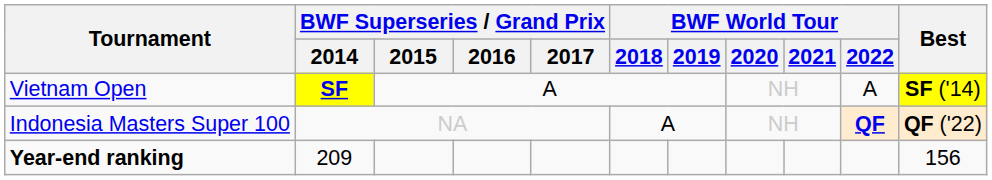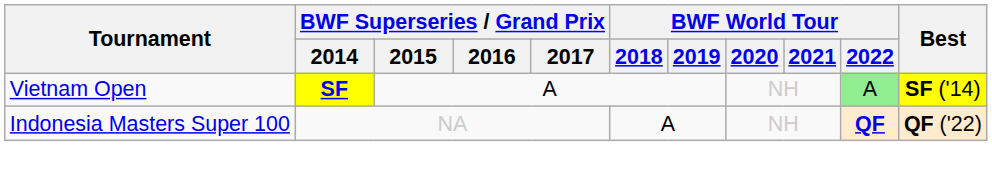 <table class="wikitable" style="font-size: 90%; text-align:center">
 <tr>
 <th rowspan="2">Tournament</th>
 <th colspan="4"><strong><a href='#'>BWF Superseries</a> / <a href='#'>Grand Prix</a></strong></th>
 <th colspan="5"><strong><a href='#'>BWF World Tour</a></strong></th>
 <th rowspan="2">Best</th>
 </tr>
 <tr>
 <th>2014</th>
 <th>2015</th>
 <th>2016</th>
 <th>2017</th>
 <th><a href='#'>2018</a></th>
 <th><a href='#'>2019</a></th>
 <th><a href='#'>2020</a></th>
 <th><a href='#'>2021</a></th>
 <th><a href='#'>2022</a></th>
 </tr>
 <tr>
 <td align=left><a href='#'>Vietnam Open</a></td>
 <td bgcolor=FFFF00><strong><a href='#'>SF</a></strong></td>
 <td colspan="5">A</td>
 <td colspan="2" style=color:#ccc>NH</td>
-<td>A</td>
+<td style="background: lightgreen;">A</td>
 <td bgcolor=FFFF00><strong>SF</strong> ('14)</td>
 </tr>
 <tr>
 <td align=left><a href='#'>Indonesia Masters Super 100</a></td>
 <td colspan="4" style=color:#ccc>NA</td>
 <td colspan="2">A</td>
 <td colspan="2" style=color:#ccc>NH</td>
 <td bgcolor=FFEBCD><strong><a href='#'>QF</a></strong></td>
 <td bgcolor=FFEBCD><strong>QF</strong> ('22)</td>
 </tr>
-<tr>
-<td align=left><strong>Year-end ranking</strong></td>
-<td 2014;>209</td>
-<td></td>
-<td></td>
-<td></td>
-<td></td>
-<td></td>
-<td></td>
-<td></td>
-<td></td>
-<td>156</td>
-</tr>
 </table>
